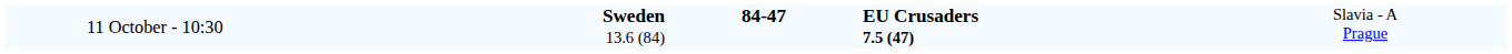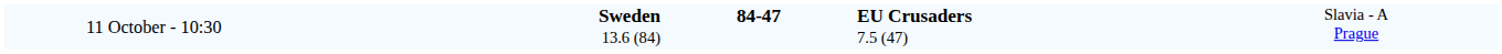 <table style="width: 100%; background:#F5FAFF;" cellspacing="0">
 <tr>
 <td style=font-size:95% align=center rowspan=3 width=20%>11 October - 10:30</td>
 </tr>
 <tr>
 <td width=24% align=right><strong>Sweden</strong></td>
 <td align=center width=13%><strong>84-47</strong></td>
 <td width=24%><strong>EU Crusaders</strong></td>
 <td style=font-size:85% rowspan=3 valign=top align=center>Slavia - A <br><a href='#'>Prague</a></td>
 </tr>
 <tr style=font-size:85%>
 <td align=right>13.6 (84)</td>
 <td align=center></td>
-<td><strong>7.5 (47)</strong></td>
+<td>7.5 (47)</td>
 </tr>
 </table>
